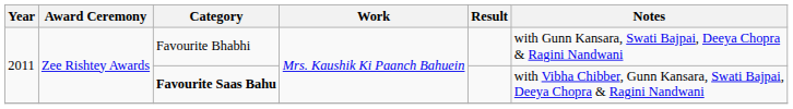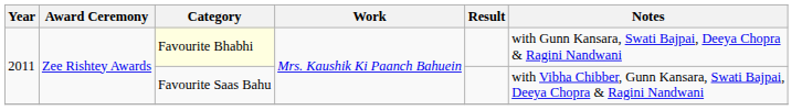 <table class="wikitable plainrowheaders" style="font-size:90%">
 <tr "text-align:center;">
 <th>Year</th>
 <th>Award Ceremony</th>
 <th>Category</th>
 <th>Work</th>
 <th>Result</th>
 <th>Notes</th>
 </tr>
 <tr>
 <td rowspan=2>2011</td>
 <td rowspan=2><a href='#'>Zee Rishtey Awards</a></td>
-<td>Favourite Bhabhi</td>
+<td style="background: lightyellow;">Favourite Bhabhi</td>
 <td rowspan=2><em><a href='#'>Mrs. Kaushik Ki Paanch Bahuein</a></em></td>
 <td></td>
 <td>with Gunn Kansara, <a href='#'>Swati Bajpai</a>, <a href='#'>Deeya Chopra</a><br>& <a href='#'>Ragini Nandwani</a></td>
 </tr>
 <tr>
-<td><strong>Favourite Saas Bahu</strong></td>
+<td>Favourite Saas Bahu</td>
 <td></td>
 <td>with <a href='#'>Vibha Chibber</a>, Gunn Kansara, <a href='#'>Swati Bajpai</a>,<br><a href='#'>Deeya Chopra</a> & <a href='#'>Ragini Nandwani</a></td>
 </tr>
 <tr>
 </tr>
 </table>
